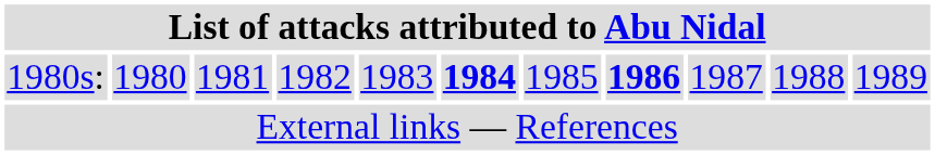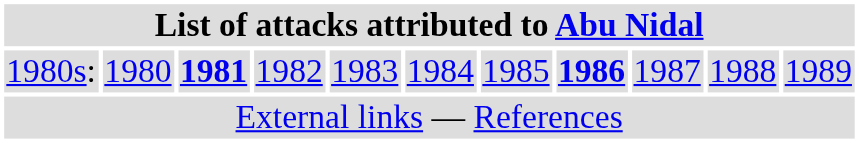 <table>
 <tr>
 <th bgcolor=#dddddd align=center colspan=11>List of attacks attributed to <a href='#'>Abu Nidal</a></th>
 </tr>
 <tr>
 <td ! bgcolor=#dddddd  align=right><a href='#'>1980s</a>:</td>
 <td bgcolor=#dddddd><a href='#'>1980</a></td>
-<td bgcolor=#dddddd><a href='#'>1981</a></td>
+<td bgcolor=#dddddd><strong><a href='#'>1981</a></strong></td>
 <td bgcolor=#dddddd><a href='#'>1982</a></td>
 <td bgcolor=#dddddd><a href='#'>1983</a></td>
-<td bgcolor=#dddddd><strong><a href='#'>1984</a></strong></td>
+<td bgcolor=#dddddd><a href='#'>1984</a></td>
 <td bgcolor=#dddddd><a href='#'>1985</a></td>
 <td bgcolor=#dddddd><strong><a href='#'>1986</a></strong></td>
 <td bgcolor=#dddddd><a href='#'>1987</a></td>
 <td bgcolor=#dddddd><a href='#'>1988</a></td>
 <td bgcolor=#dddddd><a href='#'>1989</a></td>
 </tr>
 <tr>
 <td bgcolor=#dddddd align=center colspan=11><a href='#'>External links</a> — <a href='#'>References</a></td>
 </tr>
 </table>
